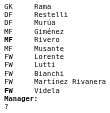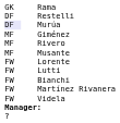 <table cellspacing="0" cellpadding="0" style="font-size:90%; margin:0.2em auto;">
 <tr>
 <th width="25"></th>
 <th width="25"></th>
 </tr>
 <tr>
 <td>GK</td>
 <td></td>
 <td> Rama</td>
 </tr>
 <tr>
 <td>DF</td>
 <td></td>
 <td> Restelli</td>
 </tr>
 <tr>
-<td>DF</td>
+<td style="background: lavender;">DF</td>
 <td></td>
 <td> Murúa</td>
 </tr>
 <tr>
 <td>MF</td>
 <td></td>
 <td> Giménez</td>
 </tr>
 <tr>
-<td><strong>MF</strong></td>
+<td>MF</td>
 <td></td>
 <td> Rivero</td>
 </tr>
 <tr>
 <td>MF</td>
 <td></td>
 <td> Musante</td>
 </tr>
 <tr>
 <td>FW</td>
 <td></td>
 <td> Lorente</td>
 </tr>
 <tr>
 <td>FW</td>
 <td></td>
 <td> Lutti</td>
 </tr>
 <tr>
 <td>FW</td>
 <td></td>
 <td> Bianchi</td>
 </tr>
 <tr>
 <td>FW</td>
 <td></td>
 <td> Martínez Rivanera</td>
 </tr>
 <tr>
-<td><strong>FW</strong></td>
+<td>FW</td>
 <td></td>
 <td> Videla</td>
 </tr>
 <tr>
 <td colspan=3><strong>Manager:</strong></td>
 </tr>
 <tr>
 <td colspan=4> ?</td>
 </tr>
 </table>
